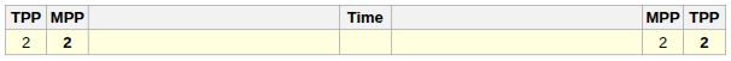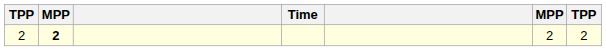 <table class="wikitable" style="text-align: center;" |>
 <tr>
 <th width="35">TPP</th>
 <th width="35">MPP</th>
 <th width="250"></th>
 <th width="45">Time</th>
 <th width="250"></th>
 <th width="35">MPP</th>
 <th width="35">TPP</th>
 </tr>
 <tr bgcolor="lightyellow">
 <td>2</td>
 <td><strong>2</strong></td>
 <td style="text-align:left;"></td>
 <td></td>
 <td style="text-align:left;"></td>
 <td>2</td>
-<td><strong>2</strong></td>
+<td>2</td>
 </tr>
 </table>
